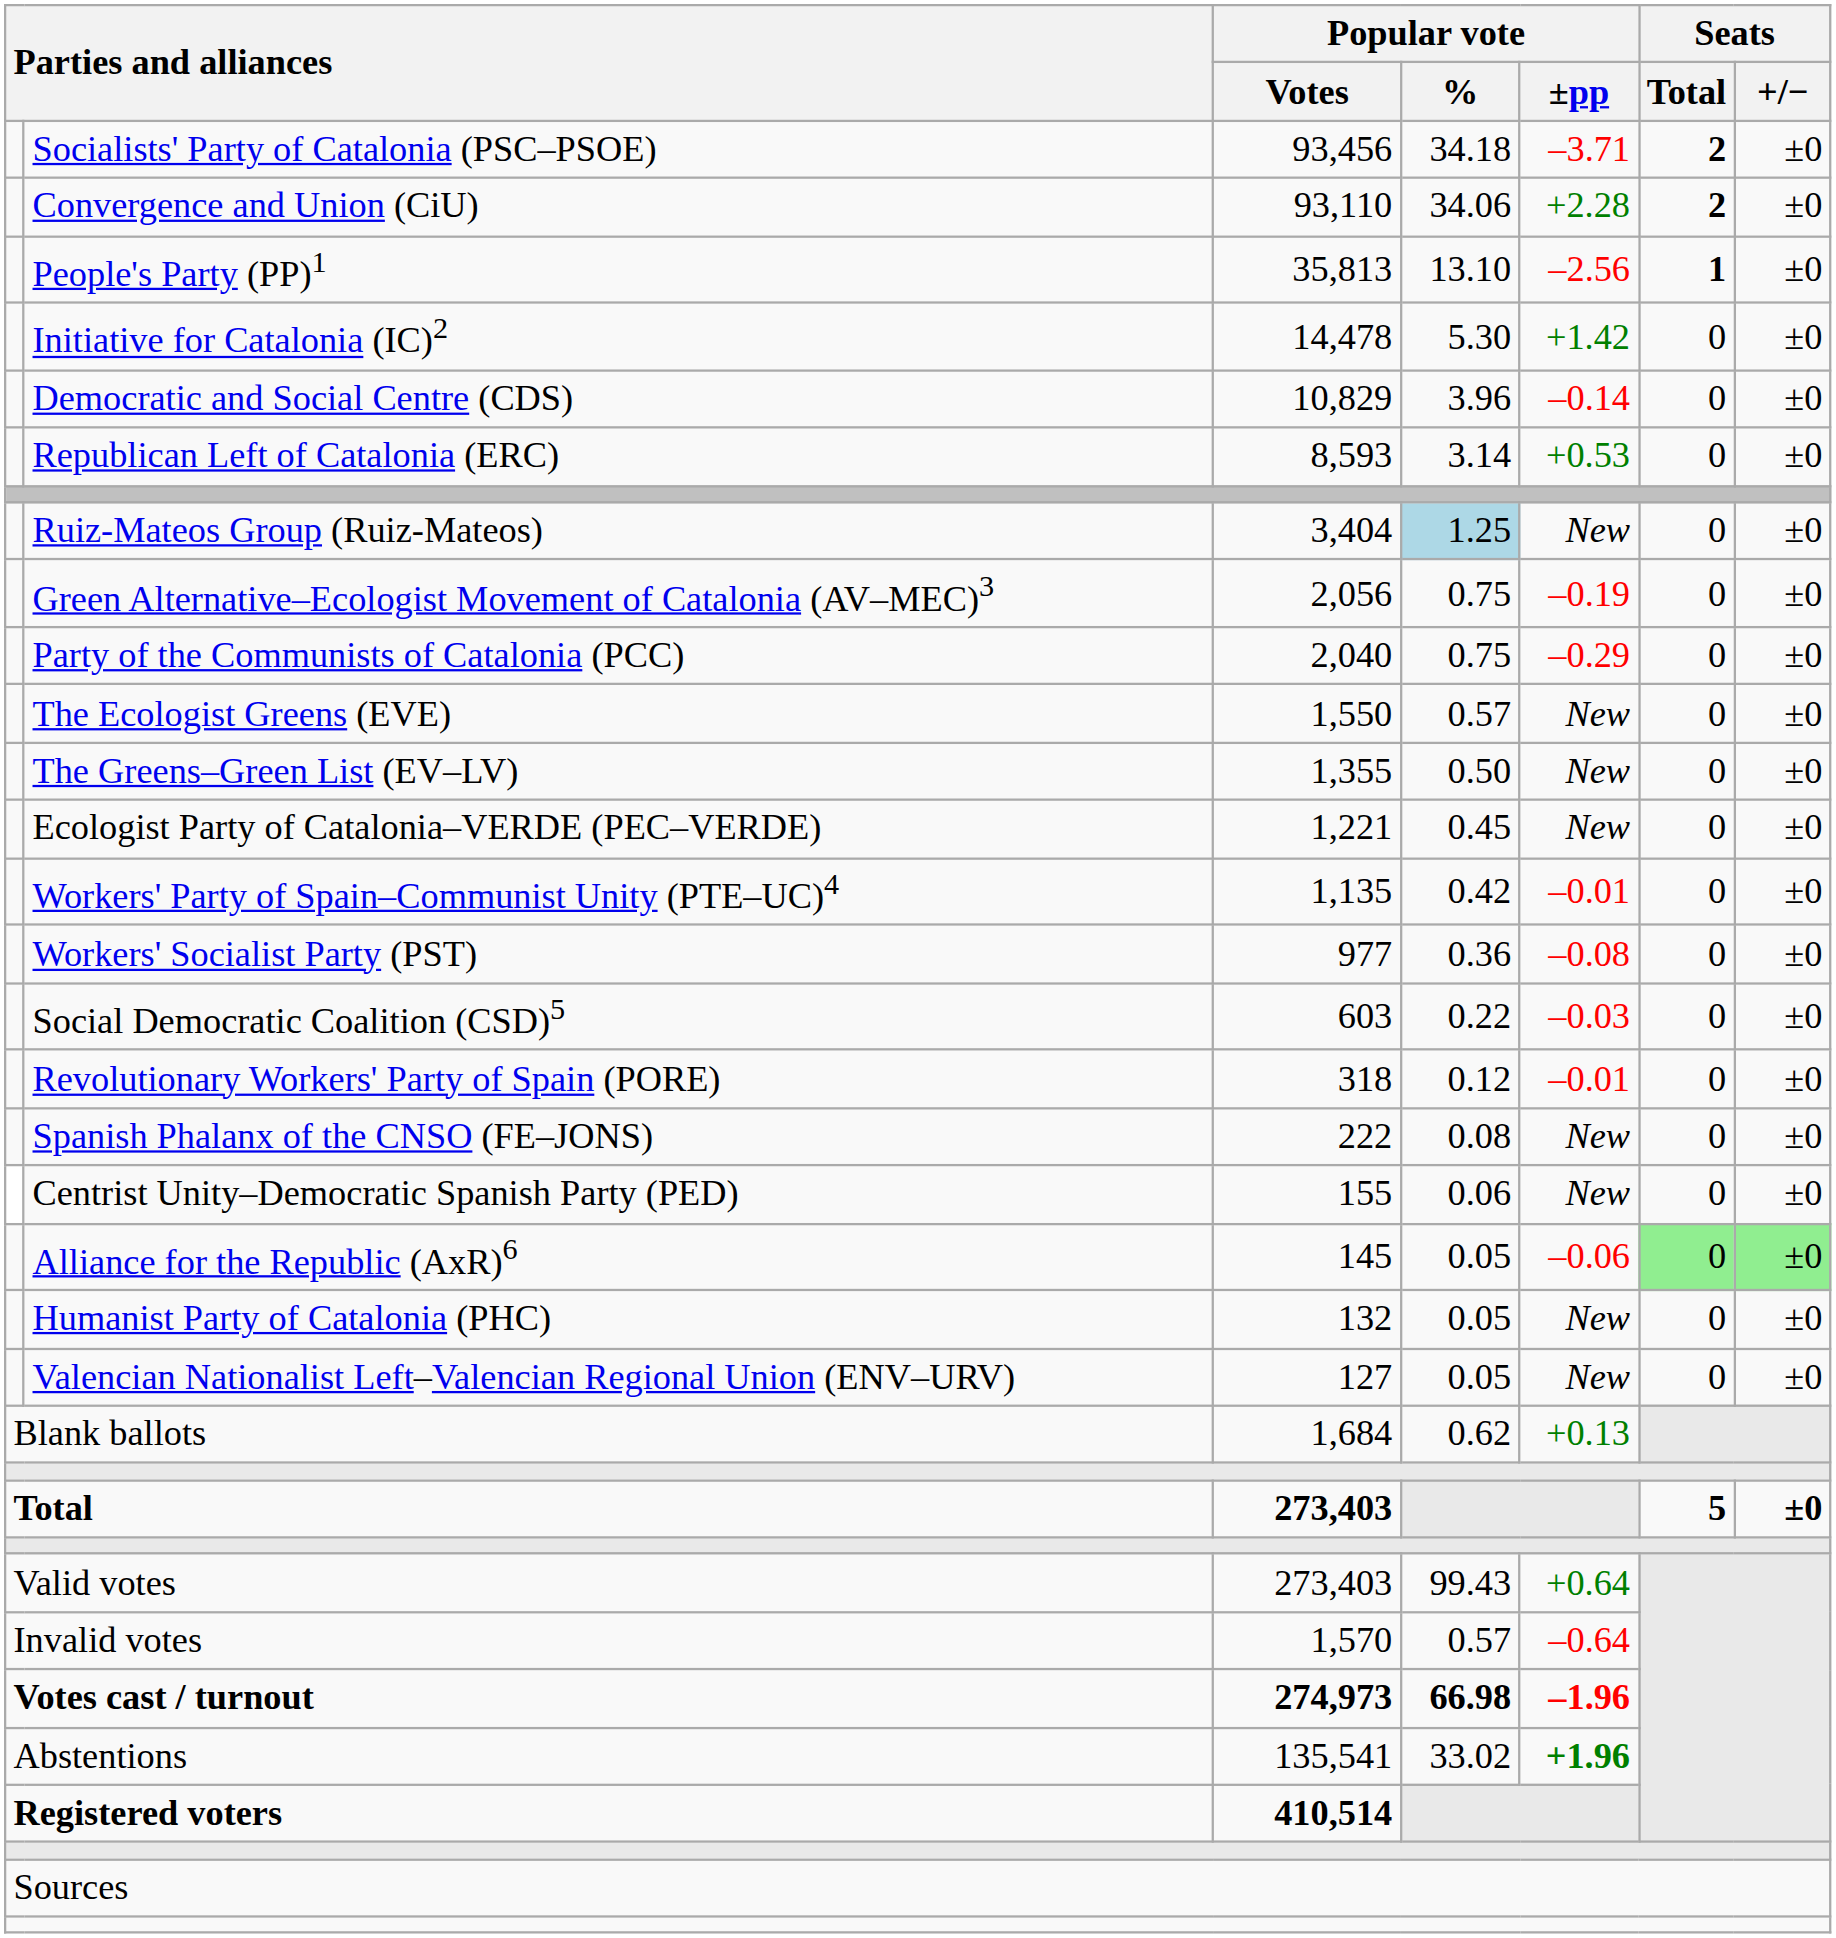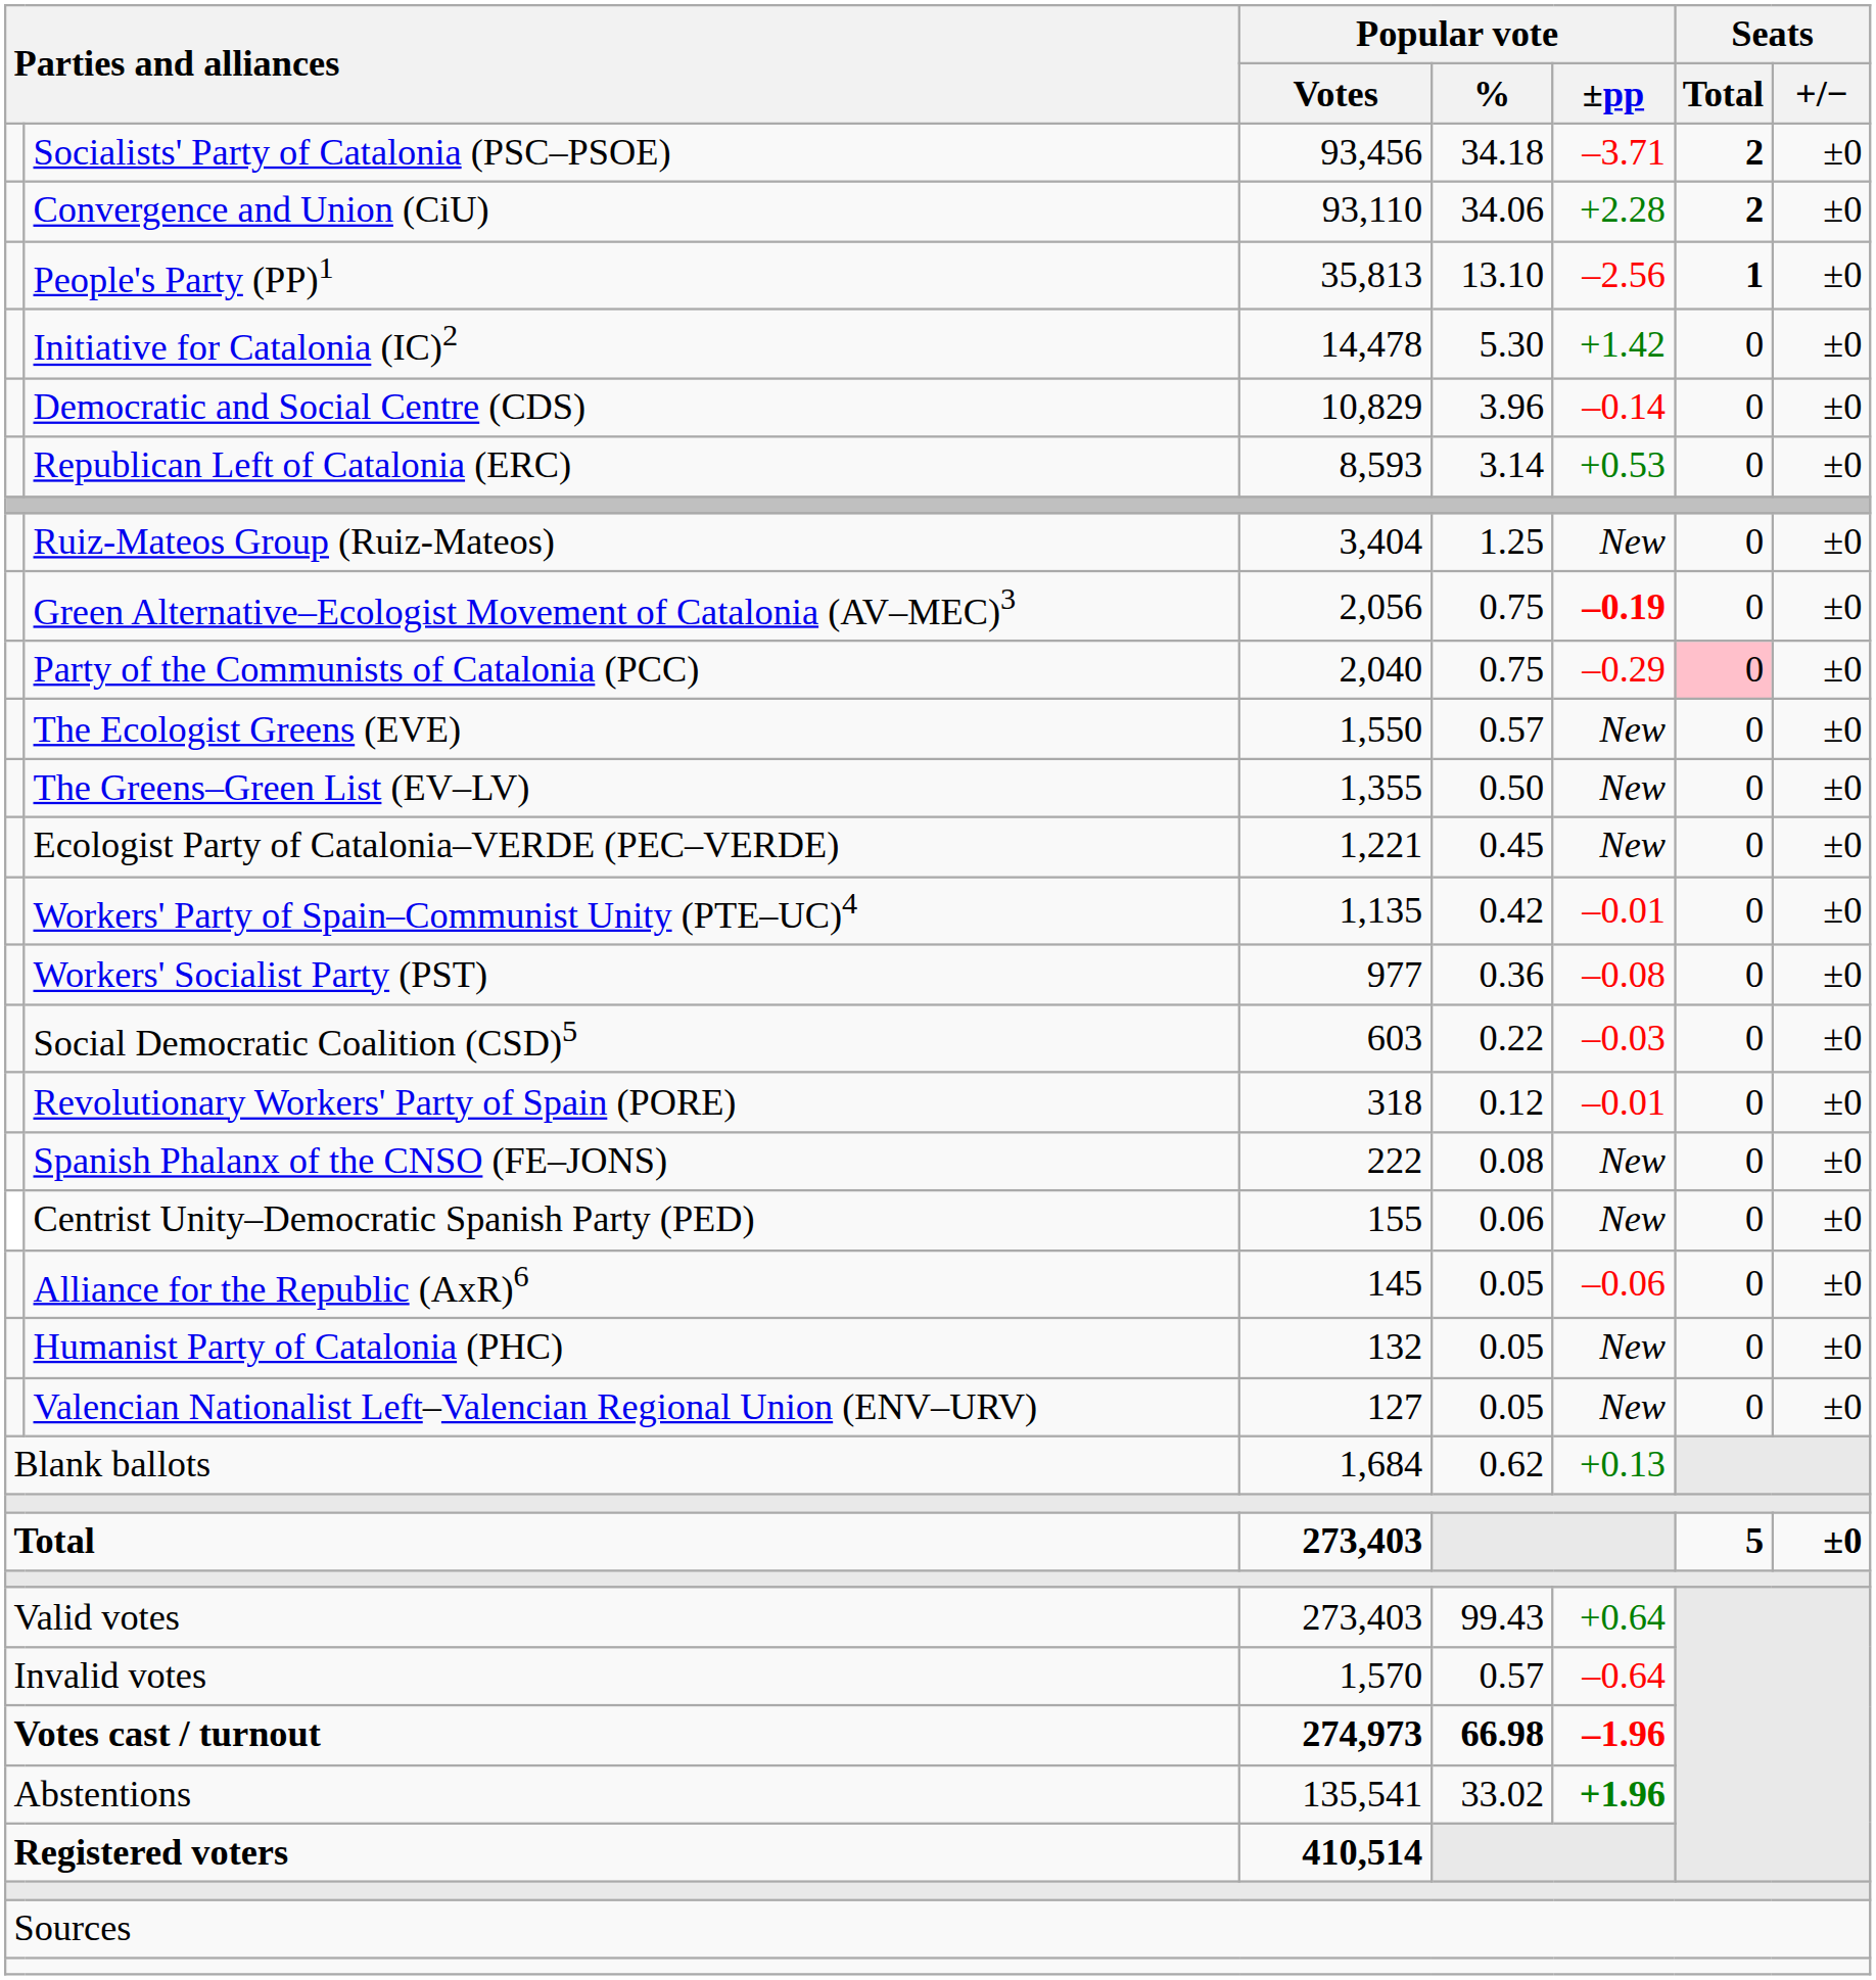 <table class="wikitable" style="text-align:right;">
 <tr>
 <th style="text-align:left;" rowspan="2" colspan="2" width="525">Parties and alliances</th>
 <th colspan="3">Popular vote</th>
 <th colspan="2">Seats</th>
 </tr>
 <tr>
 <th width="75">Votes</th>
 <th width="45">%</th>
 <th width="45">±<a href='#'>pp</a></th>
 <th width="35">Total</th>
 <th width="35">+/−</th>
 </tr>
 <tr>
 <td width="1" style="color:inherit;background:"></td>
 <td align="left"><a href='#'>Socialists' Party of Catalonia</a> (PSC–PSOE)</td>
 <td>93,456</td>
 <td>34.18</td>
 <td style="color:red;">–3.71</td>
 <td><strong>2</strong></td>
 <td>±0</td>
 </tr>
 <tr>
 <td style="color:inherit;background:"></td>
 <td align="left"><a href='#'>Convergence and Union</a> (CiU)</td>
 <td>93,110</td>
 <td>34.06</td>
 <td style="color:green;">+2.28</td>
 <td><strong>2</strong></td>
 <td>±0</td>
 </tr>
 <tr>
 <td style="color:inherit;background:"></td>
 <td align="left"><a href='#'>People's Party</a> (PP)<sup>1</sup></td>
 <td>35,813</td>
 <td>13.10</td>
 <td style="color:red;">–2.56</td>
 <td><strong>1</strong></td>
 <td>±0</td>
 </tr>
 <tr>
 <td style="color:inherit;background:"></td>
 <td align="left"><a href='#'>Initiative for Catalonia</a> (IC)<sup>2</sup></td>
 <td>14,478</td>
 <td>5.30</td>
 <td style="color:green;">+1.42</td>
 <td>0</td>
 <td>±0</td>
 </tr>
 <tr>
 <td style="color:inherit;background:"></td>
 <td align="left"><a href='#'>Democratic and Social Centre</a> (CDS)</td>
 <td>10,829</td>
 <td>3.96</td>
 <td style="color:red;">–0.14</td>
 <td>0</td>
 <td>±0</td>
 </tr>
 <tr>
 <td style="color:inherit;background:"></td>
 <td align="left"><a href='#'>Republican Left of Catalonia</a> (ERC)</td>
 <td>8,593</td>
 <td>3.14</td>
 <td style="color:green;">+0.53</td>
 <td>0</td>
 <td>±0</td>
 </tr>
 <tr>
 <td colspan="7" bgcolor="#C0C0C0"></td>
 </tr>
 <tr>
 <td style="color:inherit;background:"></td>
 <td align="left"><a href='#'>Ruiz-Mateos Group</a> (Ruiz-Mateos)</td>
 <td>3,404</td>
-<td style="background: lightblue;">1.25</td>
+<td>1.25</td>
 <td><em>New</em></td>
 <td>0</td>
 <td>±0</td>
 </tr>
 <tr>
 <td style="color:inherit;background:"></td>
 <td align="left"><a href='#'>Green Alternative–Ecologist Movement of Catalonia</a> (AV–MEC)<sup>3</sup></td>
 <td>2,056</td>
 <td>0.75</td>
-<td style="color:red;">–0.19</td>
+<td style="color:red;"><strong>–0.19</strong></td>
 <td>0</td>
 <td>±0</td>
 </tr>
 <tr>
 <td style="color:inherit;background:"></td>
 <td align="left"><a href='#'>Party of the Communists of Catalonia</a> (PCC)</td>
 <td>2,040</td>
 <td>0.75</td>
 <td style="color:red;">–0.29</td>
-<td>0</td>
+<td style="background: pink;">0</td>
 <td>±0</td>
 </tr>
 <tr>
 <td style="color:inherit;background:"></td>
 <td align="left"><a href='#'>The Ecologist Greens</a> (EVE)</td>
 <td>1,550</td>
 <td>0.57</td>
 <td><em>New</em></td>
 <td>0</td>
 <td>±0</td>
 </tr>
 <tr>
 <td style="color:inherit;background:"></td>
 <td align="left"><a href='#'>The Greens–Green List</a> (EV–LV)</td>
 <td>1,355</td>
 <td>0.50</td>
 <td><em>New</em></td>
 <td>0</td>
 <td>±0</td>
 </tr>
 <tr>
 <td style="color:inherit;background:"></td>
 <td align="left">Ecologist Party of Catalonia–VERDE (PEC–VERDE)</td>
 <td>1,221</td>
 <td>0.45</td>
 <td><em>New</em></td>
 <td>0</td>
 <td>±0</td>
 </tr>
 <tr>
 <td style="color:inherit;background:"></td>
 <td align="left"><a href='#'>Workers' Party of Spain–Communist Unity</a> (PTE–UC)<sup>4</sup></td>
 <td>1,135</td>
 <td>0.42</td>
 <td style="color:red;">–0.01</td>
 <td>0</td>
 <td>±0</td>
 </tr>
 <tr>
 <td style="color:inherit;background:"></td>
 <td align="left"><a href='#'>Workers' Socialist Party</a> (PST)</td>
 <td>977</td>
 <td>0.36</td>
 <td style="color:red;">–0.08</td>
 <td>0</td>
 <td>±0</td>
 </tr>
 <tr>
 <td style="color:inherit;background:"></td>
 <td align="left">Social Democratic Coalition (CSD)<sup>5</sup></td>
 <td>603</td>
 <td>0.22</td>
 <td style="color:red;">–0.03</td>
 <td>0</td>
 <td>±0</td>
 </tr>
 <tr>
 <td style="color:inherit;background:"></td>
 <td align="left"><a href='#'>Revolutionary Workers' Party of Spain</a> (PORE)</td>
 <td>318</td>
 <td>0.12</td>
 <td style="color:red;">–0.01</td>
 <td>0</td>
 <td>±0</td>
 </tr>
 <tr>
 <td style="color:inherit;background:"></td>
 <td align="left"><a href='#'>Spanish Phalanx of the CNSO</a> (FE–JONS)</td>
 <td>222</td>
 <td>0.08</td>
 <td><em>New</em></td>
 <td>0</td>
 <td>±0</td>
 </tr>
 <tr>
 <td bgcolor="white"></td>
 <td align="left">Centrist Unity–Democratic Spanish Party (PED)</td>
 <td>155</td>
 <td>0.06</td>
 <td><em>New</em></td>
 <td>0</td>
 <td>±0</td>
 </tr>
 <tr>
 <td style="color:inherit;background:"></td>
 <td align="left"><a href='#'>Alliance for the Republic</a> (AxR)<sup>6</sup></td>
 <td>145</td>
 <td>0.05</td>
 <td style="color:red;">–0.06</td>
-<td style="background: lightgreen;">0</td>
-<td style="background: lightgreen;">±0</td>
+<td>0</td>
+<td>±0</td>
 </tr>
 <tr>
 <td style="color:inherit;background:"></td>
 <td align="left"><a href='#'>Humanist Party of Catalonia</a> (PHC)</td>
 <td>132</td>
 <td>0.05</td>
 <td><em>New</em></td>
 <td>0</td>
 <td>±0</td>
 </tr>
 <tr>
 <td style="color:inherit;background:"></td>
 <td align="left"><a href='#'>Valencian Nationalist Left</a>–<a href='#'>Valencian Regional Union</a> (ENV–URV)</td>
 <td>127</td>
 <td>0.05</td>
 <td><em>New</em></td>
 <td>0</td>
 <td>±0</td>
 </tr>
 <tr>
 <td align="left" colspan="2">Blank ballots</td>
 <td>1,684</td>
 <td>0.62</td>
 <td style="color:green;">+0.13</td>
 <td bgcolor="#E9E9E9" colspan="2"></td>
 </tr>
 <tr>
 <td colspan="7" bgcolor="#E9E9E9"></td>
 </tr>
 <tr style="font-weight:bold;">
 <td align="left" colspan="2">Total</td>
 <td>273,403</td>
 <td bgcolor="#E9E9E9" colspan="2"></td>
 <td>5</td>
 <td>±0</td>
 </tr>
 <tr>
 <td colspan="7" bgcolor="#E9E9E9"></td>
 </tr>
 <tr>
 <td align="left" colspan="2">Valid votes</td>
 <td>273,403</td>
 <td>99.43</td>
 <td style="color:green;">+0.64</td>
 <td bgcolor="#E9E9E9" colspan="2" rowspan="5"></td>
 </tr>
 <tr>
 <td align="left" colspan="2">Invalid votes</td>
 <td>1,570</td>
 <td>0.57</td>
 <td style="color:red;">–0.64</td>
 </tr>
 <tr style="font-weight:bold;">
 <td align="left" colspan="2">Votes cast / turnout</td>
 <td>274,973</td>
 <td>66.98</td>
 <td style="color:red;">–1.96</td>
 </tr>
 <tr>
 <td align="left" colspan="2">Abstentions</td>
 <td>135,541</td>
 <td>33.02</td>
 <td style="color:green;"><strong>+1.96</strong></td>
 </tr>
 <tr style="font-weight:bold;">
 <td align="left" colspan="2">Registered voters</td>
 <td>410,514</td>
 <td bgcolor="#E9E9E9" colspan="2"></td>
 </tr>
 <tr>
 <td colspan="7" bgcolor="#E9E9E9"></td>
 </tr>
 <tr>
 <td align="left" colspan="7">Sources</td>
 </tr>
 <tr>
 <td colspan="7" style="text-align:left; max-width:790px;"></td>
 </tr>
 </table>
